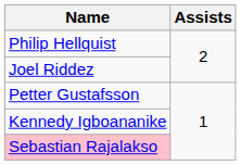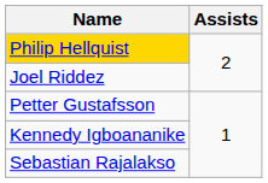 <table class="wikitable">
 <tr>
 <th>Name</th>
 <th>Assists</th>
 </tr>
 <tr>
-<td> <a href='#'>Philip Hellquist</a></td>
+<td style="background: gold;"> <a href='#'>Philip Hellquist</a></td>
 <td rowspan="2" align=center>2</td>
 </tr>
 <tr>
 <td> <a href='#'>Joel Riddez</a></td>
 </tr>
 <tr>
 <td> <a href='#'>Petter Gustafsson</a></td>
 <td rowspan="3" align=center>1</td>
 </tr>
 <tr>
 <td> <a href='#'>Kennedy Igboananike</a></td>
 </tr>
 <tr>
-<td style="background: pink;"> <a href='#'>Sebastian Rajalakso</a></td>
+<td> <a href='#'>Sebastian Rajalakso</a></td>
 </tr>
 </table>
